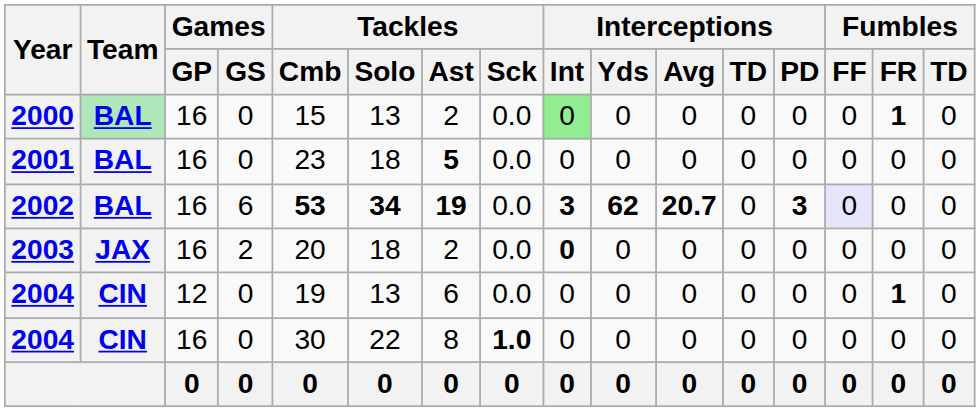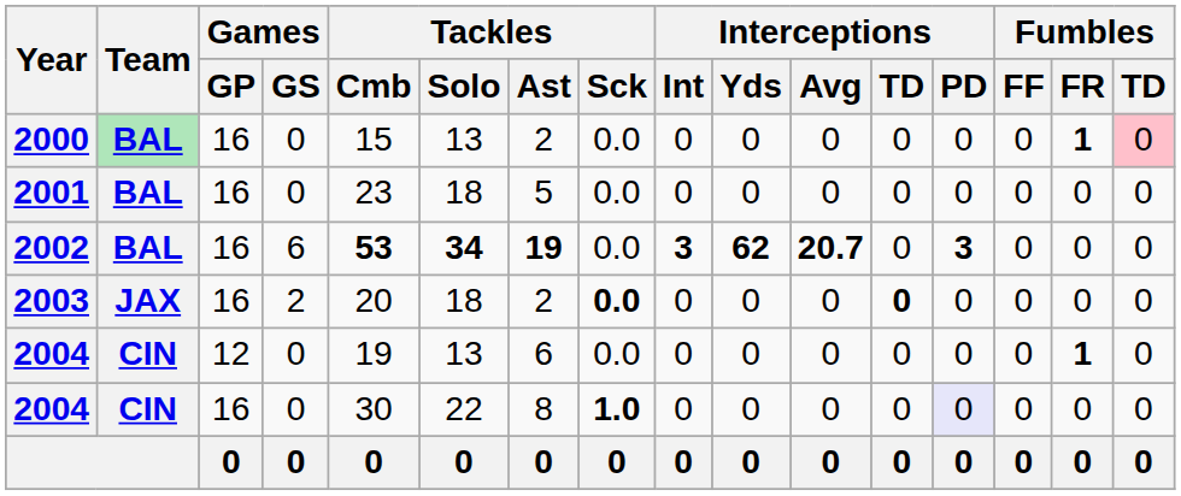 <table class="wikitable" style="text-align:center;">
 <tr>
 <th rowspan="2">Year</th>
 <th rowspan="2">Team</th>
 <th colspan="2">Games</th>
 <th colspan="4">Tackles</th>
 <th colspan="5">Interceptions</th>
 <th colspan="3">Fumbles</th>
 </tr>
 <tr>
 <th>GP</th>
 <th>GS</th>
 <th>Cmb</th>
 <th>Solo</th>
 <th>Ast</th>
 <th>Sck</th>
 <th>Int</th>
 <th>Yds</th>
 <th>Avg</th>
 <th>TD</th>
 <th>PD</th>
 <th>FF</th>
 <th>FR</th>
 <th>TD</th>
 </tr>
 <tr>
 <th><a href='#'>2000</a></th>
 <th style="background:#afe6ba;"><a href='#'>BAL</a></th>
 <td>16</td>
 <td>0</td>
 <td>15</td>
 <td>13</td>
 <td>2</td>
 <td>0.0</td>
-<td style="background: lightgreen;">0</td>
+<td>0</td>
 <td>0</td>
 <td>0</td>
 <td>0</td>
 <td>0</td>
 <td>0</td>
 <td><strong>1</strong></td>
-<td>0</td>
+<td style="background: pink;">0</td>
 </tr>
 <tr>
 <th><a href='#'>2001</a></th>
 <th><a href='#'>BAL</a></th>
 <td>16</td>
 <td>0</td>
 <td>23</td>
 <td>18</td>
-<td><strong>5</strong></td>
+<td>5</td>
 <td>0.0</td>
 <td>0</td>
 <td>0</td>
 <td>0</td>
 <td>0</td>
 <td>0</td>
 <td>0</td>
 <td>0</td>
 <td>0</td>
 </tr>
 <tr>
 <th><a href='#'>2002</a></th>
 <th><a href='#'>BAL</a></th>
 <td>16</td>
 <td>6</td>
 <td><strong>53</strong></td>
 <td><strong>34</strong></td>
 <td><strong>19</strong></td>
 <td>0.0</td>
 <td><strong>3</strong></td>
 <td><strong>62</strong></td>
 <td><strong>20.7</strong></td>
 <td>0</td>
 <td><strong>3</strong></td>
-<td style="background: lavender;">0</td>
+<td>0</td>
 <td>0</td>
 <td>0</td>
 </tr>
 <tr>
 <th><a href='#'>2003</a></th>
 <th><a href='#'>JAX</a></th>
 <td>16</td>
 <td>2</td>
 <td>20</td>
 <td>18</td>
 <td>2</td>
-<td>0.0</td>
-<td><strong>0</strong></td>
+<td><strong>0.0</strong></td>
 <td>0</td>
 <td>0</td>
 <td>0</td>
+<td><strong>0</strong></td>
 <td>0</td>
 <td>0</td>
 <td>0</td>
 <td>0</td>
 </tr>
 <tr>
 <th><a href='#'>2004</a></th>
 <th><a href='#'>CIN</a></th>
 <td>12</td>
 <td>0</td>
 <td>19</td>
 <td>13</td>
 <td>6</td>
 <td>0.0</td>
 <td>0</td>
 <td>0</td>
 <td>0</td>
 <td>0</td>
 <td>0</td>
 <td>0</td>
 <td><strong>1</strong></td>
 <td>0</td>
 </tr>
 <tr>
 <th><a href='#'>2004</a></th>
 <th><a href='#'>CIN</a></th>
 <td>16</td>
 <td>0</td>
 <td>30</td>
 <td>22</td>
 <td>8</td>
 <td><strong>1.0</strong></td>
 <td>0</td>
 <td>0</td>
 <td>0</td>
 <td>0</td>
-<td>0</td>
+<td style="background: lavender;">0</td>
 <td>0</td>
 <td>0</td>
 <td>0</td>
 </tr>
 <tr>
 <th colspan="2"></th>
 <th>0</th>
 <th>0</th>
 <th>0</th>
 <th>0</th>
 <th>0</th>
 <th>0</th>
 <th>0</th>
 <th>0</th>
 <th>0</th>
 <th>0</th>
 <th>0</th>
 <th>0</th>
 <th>0</th>
 <th>0</th>
 </tr>
 </table>
